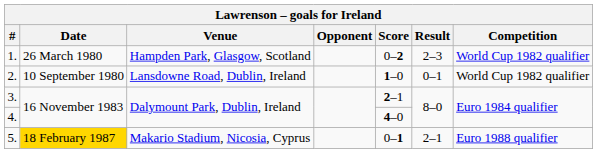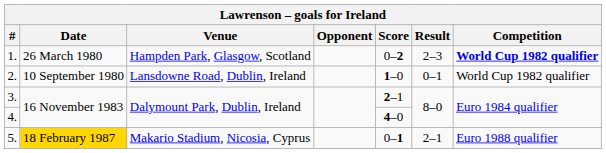 <table class="wikitable collapsible collapsed">
 <tr>
 <th colspan="7"><strong>Lawrenson – goals for Ireland</strong></th>
 </tr>
 <tr>
 <th>#</th>
 <th>Date</th>
 <th>Venue</th>
 <th>Opponent</th>
 <th>Score</th>
 <th>Result</th>
 <th>Competition</th>
 </tr>
 <tr>
 <td align=center>1.</td>
 <td>26 March 1980</td>
 <td><a href='#'>Hampden Park</a>, <a href='#'>Glasgow</a>, Scotland</td>
 <td></td>
 <td align=center>0–<strong>2</strong></td>
 <td align=center>2–3</td>
-<td><a href='#'>World Cup 1982 qualifier</a></td>
+<td><strong><a href='#'>World Cup 1982 qualifier</a></strong></td>
 </tr>
 <tr>
 <td align=center>2.</td>
 <td>10 September 1980</td>
 <td><a href='#'>Lansdowne Road</a>, <a href='#'>Dublin</a>, Ireland</td>
 <td></td>
 <td align=center><strong>1</strong>–0</td>
 <td align=center>0–1</td>
 <td>World Cup 1982 qualifier</td>
 </tr>
 <tr>
 <td align=center>3.</td>
 <td rowspan=2>16 November 1983</td>
 <td rowspan=2><a href='#'>Dalymount Park</a>, <a href='#'>Dublin</a>, Ireland</td>
 <td rowspan=2></td>
 <td align=center><strong>2</strong>–1</td>
 <td rowspan=2 align=center>8–0</td>
 <td rowspan=2><a href='#'>Euro 1984 qualifier</a></td>
 </tr>
 <tr>
 <td align=center>4.</td>
 <td align=center><strong>4</strong>–0</td>
 </tr>
 <tr>
 <td align=center>5.</td>
 <td style="background: gold;">18 February 1987</td>
 <td><a href='#'>Makario Stadium</a>, <a href='#'>Nicosia</a>, Cyprus</td>
 <td></td>
 <td align=center>0–<strong>1</strong></td>
 <td align=center>2–1</td>
 <td><a href='#'>Euro 1988 qualifier</a></td>
 </tr>
 </table>
